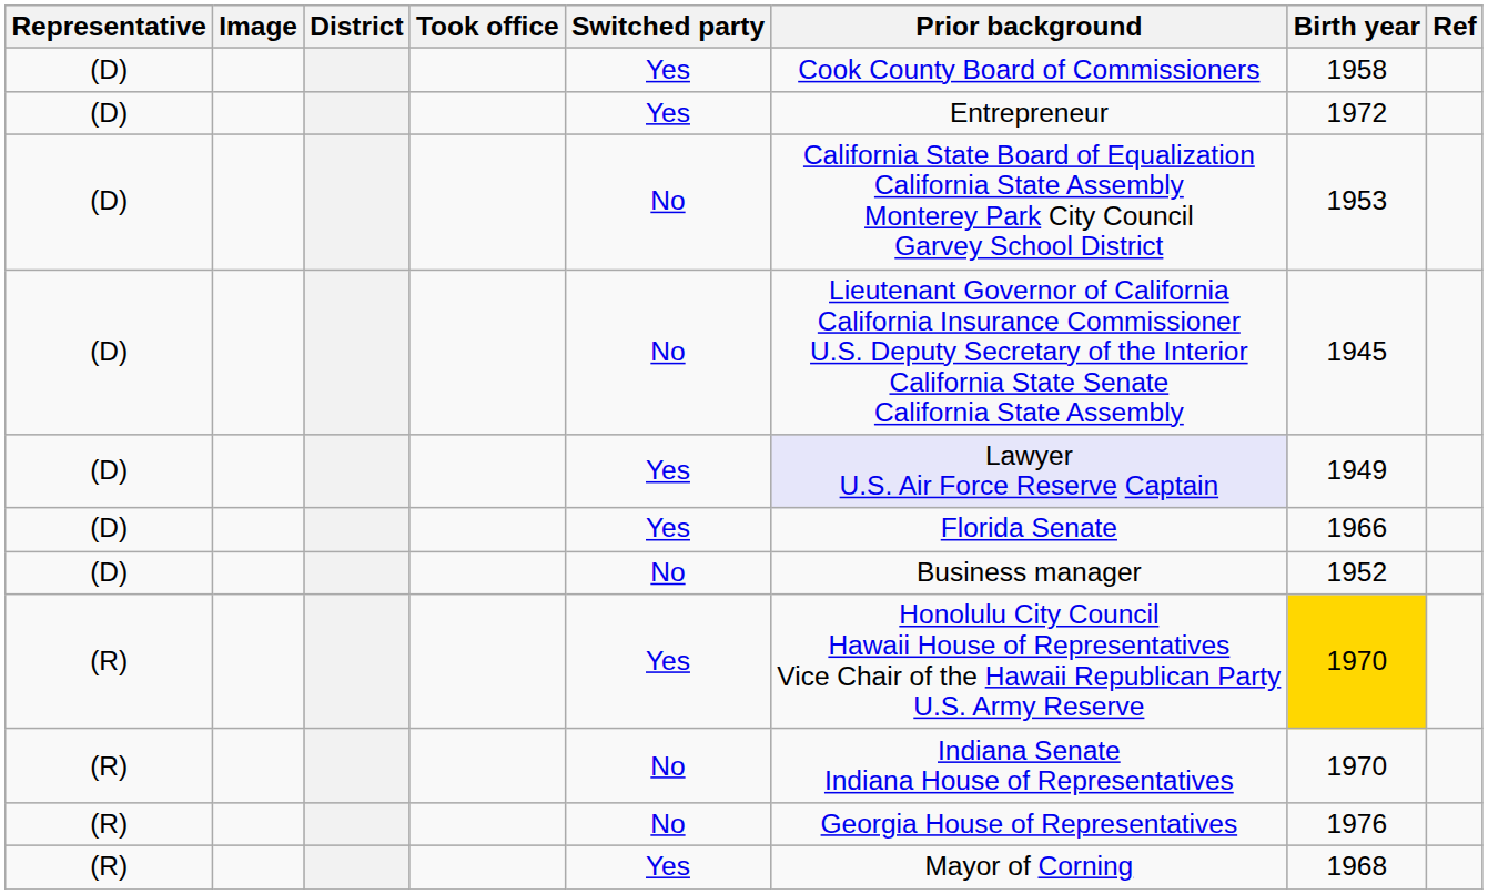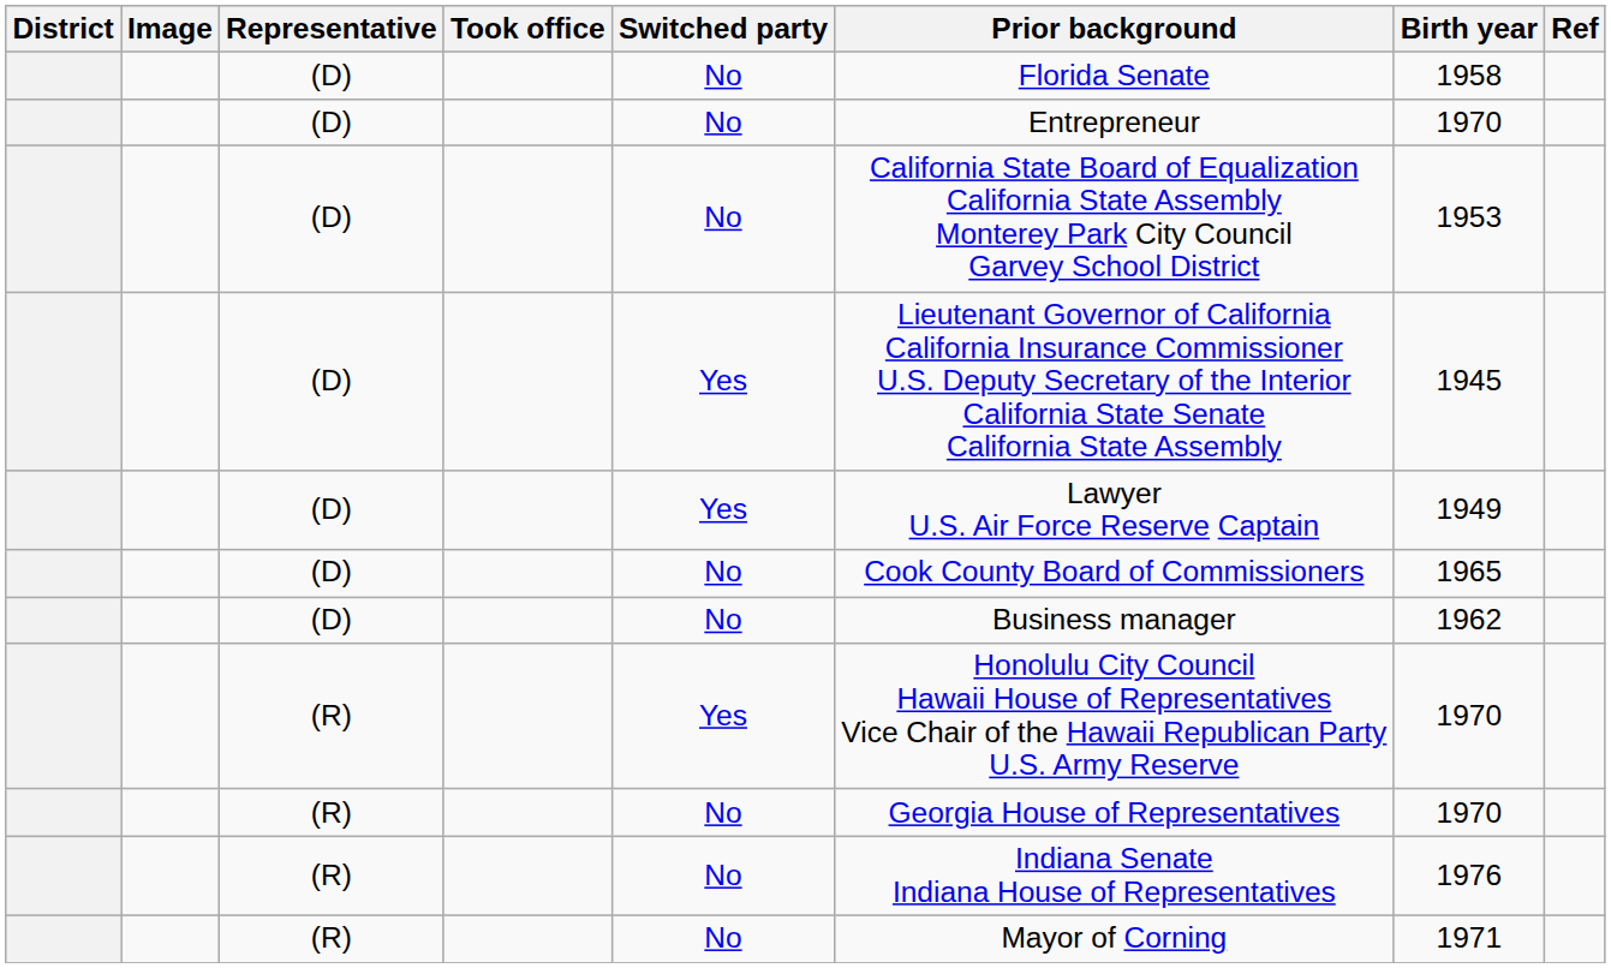 <table class="sortable wikitable" style="text-align:center">
 <tr>
+<th>District</th>
+<th>Image</th>
 <th>Representative</th>
-<th>Image</th>
-<th>District</th>
 <th>Took office</th>
 <th>Switched party</th>
 <th>Prior background</th>
 <th>Birth year</th>
 <th>Ref</th>
 </tr>
 <tr>
+<th></th>
+<td></td>
 <td> (D)</td>
 <td></td>
-<th></th>
-<td></td>
-<td><a href='#'>Yes</a><br></td>
-<td><a href='#'>Cook County Board of Commissioners</a></td>
+<td><a href='#'>No</a><br></td>
+<td><a href='#'>Florida Senate</a></td>
 <td>1958</td>
 <td></td>
 </tr>
 <tr>
+<th></th>
+<td></td>
 <td> (D)</td>
 <td></td>
-<th></th>
-<td></td>
-<td><a href='#'>Yes</a><br></td>
+<td><a href='#'>No</a><br></td>
 <td>Entrepreneur</td>
-<td>1972</td>
+<td>1970</td>
 <td></td>
 </tr>
 <tr>
+<th></th>
+<td></td>
 <td> (D)</td>
-<td></td>
-<th></th>
 <td></td>
 <td><a href='#'>No</a><br></td>
 <td><a href='#'>California State Board of Equalization</a><br><a href='#'>California State Assembly</a><br><a href='#'>Monterey Park</a> City Council<br><a href='#'>Garvey School District</a></td>
 <td>1953</td>
 <td></td>
 </tr>
 <tr>
+<th></th>
+<td></td>
 <td> (D)</td>
 <td></td>
-<th></th>
-<td></td>
-<td><a href='#'>No</a><br></td>
+<td><a href='#'>Yes</a><br></td>
 <td><a href='#'>Lieutenant Governor of California</a><br><a href='#'>California Insurance Commissioner</a><br><a href='#'>U.S. Deputy Secretary of the Interior</a><br><a href='#'>California State Senate</a><br><a href='#'>California State Assembly</a></td>
 <td>1945</td>
 <td></td>
 </tr>
 <tr>
+<th></th>
+<td></td>
 <td> (D)</td>
 <td></td>
-<th></th>
-<td></td>
 <td><a href='#'>Yes</a><br></td>
-<td style="background: lavender;">Lawyer<br><a href='#'>U.S. Air Force Reserve</a> <a href='#'>Captain</a></td>
+<td>Lawyer<br><a href='#'>U.S. Air Force Reserve</a> <a href='#'>Captain</a></td>
 <td>1949</td>
 <td></td>
 </tr>
 <tr>
+<th></th>
+<td></td>
 <td> (D)</td>
 <td></td>
-<th></th>
-<td></td>
-<td><a href='#'>Yes</a><br></td>
-<td><a href='#'>Florida Senate</a></td>
-<td>1966</td>
+<td><a href='#'>No</a><br></td>
+<td><a href='#'>Cook County Board of Commissioners</a></td>
+<td>1965</td>
 <td></td>
 </tr>
 <tr>
+<th></th>
+<td></td>
 <td> (D)</td>
-<td></td>
-<th></th>
 <td></td>
 <td><a href='#'>No</a><br></td>
 <td>Business manager</td>
-<td>1952</td>
+<td>1962</td>
 <td></td>
 </tr>
 <tr>
+<th></th>
+<td></td>
 <td> (R)</td>
-<td></td>
-<th></th>
 <td></td>
 <td><a href='#'>Yes</a><br></td>
 <td><a href='#'>Honolulu City Council</a><br><a href='#'>Hawaii House of Representatives</a><br>Vice Chair of the <a href='#'>Hawaii Republican Party</a><br><a href='#'>U.S. Army Reserve</a></td>
-<td style="background: gold;">1970</td>
-<td></td>
-</tr>
-<tr>
-<td> (R)</td>
-<td></td>
-<th></th>
-<td></td>
-<td><a href='#'>No</a><br></td>
-<td><a href='#'>Indiana Senate</a><br><a href='#'>Indiana House of Representatives</a></td>
 <td>1970</td>
 <td></td>
 </tr>
 <tr>
+<th></th>
+<td></td>
 <td> (R)</td>
-<td></td>
-<th></th>
 <td></td>
 <td><a href='#'>No</a><br></td>
 <td><a href='#'>Georgia House of Representatives</a></td>
+<td>1970</td>
+<td></td>
+</tr>
+<tr>
+<th></th>
+<td></td>
+<td> (R)</td>
+<td></td>
+<td><a href='#'>No</a><br></td>
+<td><a href='#'>Indiana Senate</a><br><a href='#'>Indiana House of Representatives</a></td>
 <td>1976</td>
 <td></td>
 </tr>
 <tr>
+<th></th>
+<td></td>
 <td> (R)</td>
 <td></td>
-<th></th>
-<td></td>
-<td><a href='#'>Yes</a><br></td>
+<td><a href='#'>No</a><br></td>
 <td>Mayor of <a href='#'>Corning</a></td>
-<td>1968</td>
+<td>1971</td>
 <td></td>
 </tr>
 </table>
